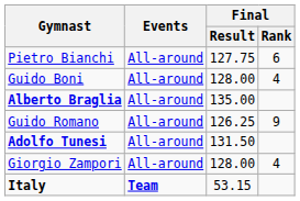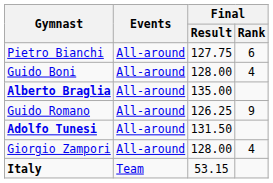 <table class=wikitable style="font-size:90%">
 <tr>
 <th rowspan="2">Gymnast</th>
 <th rowspan="2">Events</th>
 <th colspan="2">Final</th>
 </tr>
 <tr>
 <th>Result</th>
 <th>Rank</th>
 </tr>
 <tr>
 <td><a href='#'>Pietro Bianchi</a></td>
 <td><a href='#'>All-around</a></td>
 <td align=center>127.75</td>
 <td align=center>6</td>
 </tr>
 <tr>
 <td><a href='#'>Guido Boni</a></td>
 <td><a href='#'>All-around</a></td>
 <td align=center>128.00</td>
 <td align=center>4</td>
 </tr>
 <tr>
 <td><strong><a href='#'>Alberto Braglia</a></strong></td>
 <td><a href='#'>All-around</a></td>
 <td align=center>135.00</td>
 <td align=center></td>
 </tr>
 <tr>
 <td><a href='#'>Guido Romano</a></td>
 <td><a href='#'>All-around</a></td>
 <td align=center>126.25</td>
 <td align=center>9</td>
 </tr>
 <tr>
 <td><strong><a href='#'>Adolfo Tunesi</a></strong></td>
 <td><a href='#'>All-around</a></td>
 <td align=center>131.50</td>
 <td align=center></td>
 </tr>
 <tr>
 <td><a href='#'>Giorgio Zampori</a></td>
 <td><a href='#'>All-around</a></td>
 <td align=center>128.00</td>
 <td align=center>4</td>
 </tr>
 <tr>
 <td><strong>Italy</strong></td>
-<td><strong><a href='#'>Team</a></strong></td>
+<td><a href='#'>Team</a></td>
 <td align=center>53.15</td>
 <td align=center></td>
 </tr>
 </table>
